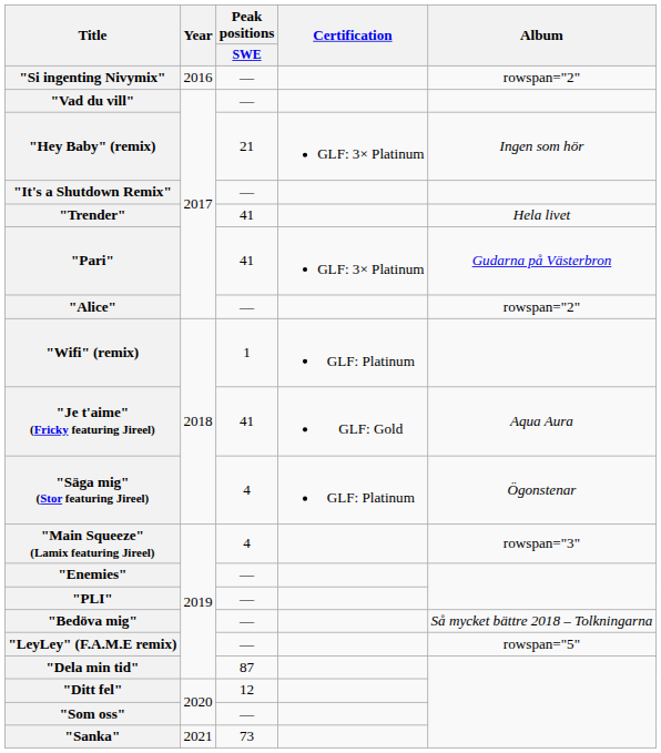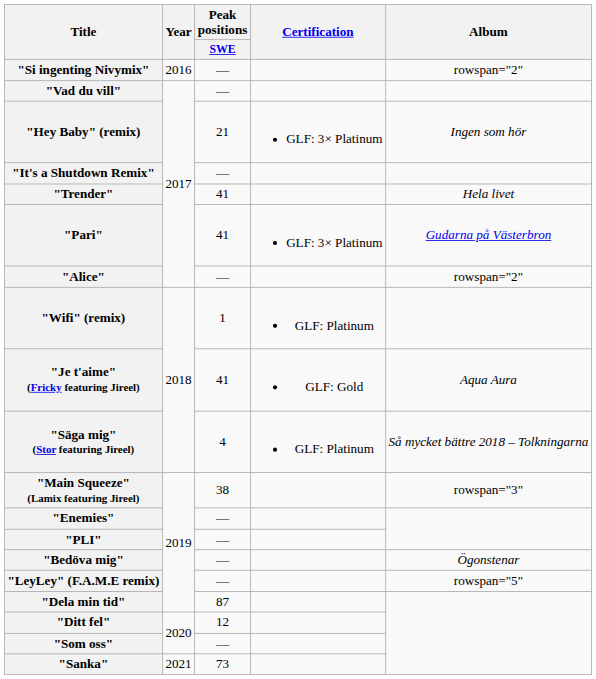 <table class="wikitable plainrowheaders" style="text-align:center">
 <tr>
 <th scope="col" rowspan="2">Title</th>
 <th scope="col" rowspan="2">Year</th>
 <th scope="col" colspan="1">Peak positions</th>
 <th scope="col" rowspan="2"><a href='#'>Certification</a></th>
 <th scope="col" rowspan="2">Album</th>
 </tr>
 <tr>
 <th scope="col" style="width:3em;font-size:90%;"><a href='#'>SWE</a><br></th>
 </tr>
 <tr>
 <th scope="row">"Si ingenting Nivymix"<br></th>
 <td>2016</td>
 <td>—</td>
 <td></td>
 <td>rowspan="2"</td>
 </tr>
 <tr>
 <th scope="row">"Vad du vill"<br></th>
 <td rowspan="6">2017</td>
 <td>—</td>
 <td></td>
 </tr>
 <tr>
 <th scope="row">"Hey Baby" (remix)<br></th>
 <td>21<br></td>
 <td><br><ul><li>GLF: 3× Platinum</li></ul></td>
 <td><em>Ingen som hör</em></td>
 </tr>
 <tr>
 <th scope="row">"It's a Shutdown Remix"<br></th>
 <td>—</td>
 <td></td>
 <td></td>
 </tr>
 <tr>
 <th scope="row">"Trender"<br></th>
 <td>41<br></td>
 <td></td>
 <td><em>Hela livet</em></td>
 </tr>
 <tr>
 <th scope="row">"Pari"<br></th>
 <td>41<br></td>
 <td><br><ul><li>GLF: 3× Platinum</li></ul></td>
 <td><em><a href='#'>Gudarna på Västerbron</a></em></td>
 </tr>
 <tr>
 <th scope="row">"Alice"<br></th>
 <td>—</td>
 <td></td>
 <td>rowspan="2"</td>
 </tr>
 <tr>
 <th scope="row">"Wifi" (remix)<br></th>
 <td rowspan="3">2018</td>
 <td>1<br></td>
 <td><br><ul><li>GLF: Platinum</li></ul></td>
 </tr>
 <tr>
 <th scope="row">"Je t'aime" <br><small>(<a href='#'>Fricky</a> featuring Jireel)</small></th>
 <td>41<br></td>
 <td><br><ul><li>GLF: Gold</li></ul></td>
 <td><em>Aqua Aura</em></td>
 </tr>
 <tr>
 <th scope="row">"Säga mig" <br><small>(<a href='#'>Stor</a> featuring Jireel)</small></th>
 <td>4</td>
 <td><br><ul><li>GLF: Platinum</li></ul></td>
-<td><em>Ögonstenar</em></td>
+<td><em>Så mycket bättre 2018 – Tolkningarna</em></td>
 </tr>
 <tr>
 <th scope="row">"Main Squeeze" <br><small>(Lamix featuring Jireel)</small></th>
 <td rowspan="6">2019</td>
-<td>4</td>
+<td>38</td>
 <td></td>
 <td>rowspan="3"</td>
 </tr>
 <tr>
 <th scope="row">"Enemies"<br></th>
 <td>—</td>
 <td></td>
 </tr>
 <tr>
 <th scope="row">"PLI"<br></th>
 <td>—</td>
 <td></td>
 </tr>
 <tr>
 <th scope="row">"Bedöva mig"<br></th>
 <td>—</td>
 <td></td>
-<td><em>Så mycket bättre 2018 – Tolkningarna</em></td>
+<td><em>Ögonstenar</em></td>
 </tr>
 <tr>
 <th scope="row">"LeyLey" (F.A.M.E remix)<br></th>
 <td>—</td>
 <td></td>
 <td>rowspan="5"</td>
 </tr>
 <tr>
 <th scope="row">"Dela min tid"<br></th>
 <td>87<br></td>
 <td></td>
 </tr>
 <tr>
 <th scope="row">"Ditt fel"<br></th>
 <td rowspan="2">2020</td>
 <td>12</td>
 <td></td>
 </tr>
 <tr>
 <th scope="row">"Som oss"<br></th>
 <td>—</td>
 <td></td>
 </tr>
 <tr>
 <th scope="row">"Sanka"<br></th>
 <td>2021</td>
 <td>73<br></td>
 <td></td>
 </tr>
 </table>
